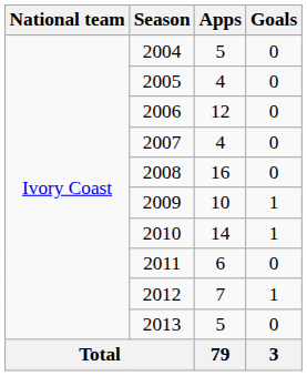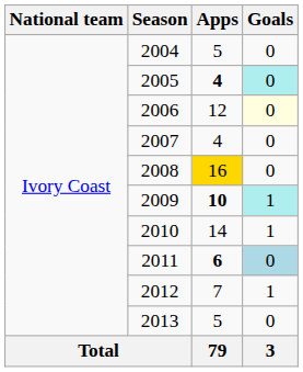 <table class="wikitable" style="text-align:center">
 <tr>
 <th>National team</th>
 <th>Season</th>
 <th>Apps</th>
 <th>Goals</th>
 </tr>
 <tr>
 <td rowspan="10"><a href='#'>Ivory Coast</a></td>
 <td>2004</td>
 <td>5</td>
 <td>0</td>
 </tr>
 <tr>
 <td>2005</td>
-<td>4</td>
-<td>0</td>
+<td><strong>4</strong></td>
+<td style="background: paleturquoise;">0</td>
 </tr>
 <tr>
 <td>2006</td>
 <td>12</td>
-<td>0</td>
+<td style="background: lightyellow;">0</td>
 </tr>
 <tr>
 <td>2007</td>
 <td>4</td>
 <td>0</td>
 </tr>
 <tr>
 <td>2008</td>
-<td>16</td>
+<td style="background: gold;">16</td>
 <td>0</td>
 </tr>
 <tr>
 <td>2009</td>
-<td>10</td>
-<td>1</td>
+<td><strong>10</strong></td>
+<td style="background: paleturquoise;">1</td>
 </tr>
 <tr>
 <td>2010</td>
 <td>14</td>
 <td>1</td>
 </tr>
 <tr>
 <td>2011</td>
-<td>6</td>
-<td>0</td>
+<td><strong>6</strong></td>
+<td style="background: lightblue;">0</td>
 </tr>
 <tr>
 <td>2012</td>
 <td>7</td>
 <td>1</td>
 </tr>
 <tr>
 <td>2013</td>
 <td>5</td>
 <td>0</td>
 </tr>
 <tr>
 <th colspan="2">Total</th>
 <th>79</th>
 <th>3</th>
 </tr>
 </table>
